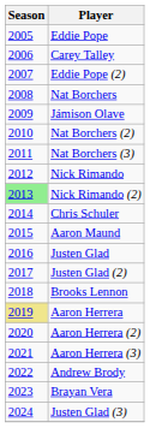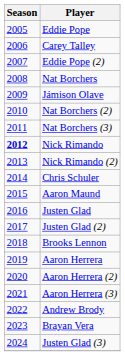 <table class ="wikitable">
 <tr>
 <th>Season</th>
 <th>Player</th>
 </tr>
 <tr>
 <td><a href='#'>2005</a></td>
 <td> <a href='#'>Eddie Pope</a></td>
 </tr>
 <tr>
 <td><a href='#'>2006</a></td>
 <td> <a href='#'>Carey Talley</a></td>
 </tr>
 <tr>
 <td><a href='#'>2007</a></td>
 <td> <a href='#'>Eddie Pope</a> <em>(2)</em></td>
 </tr>
 <tr>
 <td><a href='#'>2008</a></td>
 <td> <a href='#'>Nat Borchers</a></td>
 </tr>
 <tr>
 <td><a href='#'>2009</a></td>
 <td> <a href='#'>Jámison Olave</a></td>
 </tr>
 <tr>
 <td><a href='#'>2010</a></td>
 <td> <a href='#'>Nat Borchers</a> <em>(2)</em></td>
 </tr>
 <tr>
 <td><a href='#'>2011</a></td>
 <td> <a href='#'>Nat Borchers</a> <em>(3)</em></td>
 </tr>
 <tr>
-<td><a href='#'>2012</a></td>
+<td><strong><a href='#'>2012</a></strong></td>
 <td> <a href='#'>Nick Rimando</a></td>
 </tr>
 <tr>
-<td style="background: lightgreen;"><a href='#'>2013</a></td>
+<td><a href='#'>2013</a></td>
 <td> <a href='#'>Nick Rimando</a> <em>(2)</em></td>
 </tr>
 <tr>
 <td><a href='#'>2014</a></td>
 <td> <a href='#'>Chris Schuler</a></td>
 </tr>
 <tr>
 <td><a href='#'>2015</a></td>
 <td> <a href='#'>Aaron Maund</a></td>
 </tr>
 <tr>
 <td><a href='#'>2016</a></td>
 <td> <a href='#'>Justen Glad</a></td>
 </tr>
 <tr>
 <td><a href='#'>2017</a></td>
 <td> <a href='#'>Justen Glad</a> <em>(2)</em></td>
 </tr>
 <tr>
 <td><a href='#'>2018</a></td>
 <td> <a href='#'>Brooks Lennon</a></td>
 </tr>
 <tr>
-<td style="background: khaki;"><a href='#'>2019</a></td>
+<td><a href='#'>2019</a></td>
 <td> <a href='#'>Aaron Herrera</a></td>
 </tr>
 <tr>
 <td><a href='#'>2020</a></td>
 <td> <a href='#'>Aaron Herrera</a> <em>(2)</em></td>
 </tr>
 <tr>
 <td><a href='#'>2021</a></td>
 <td> <a href='#'>Aaron Herrera</a> <em>(3)</em></td>
 </tr>
 <tr>
 <td><a href='#'>2022</a></td>
 <td> <a href='#'>Andrew Brody</a></td>
 </tr>
 <tr>
 <td><a href='#'>2023</a></td>
 <td> <a href='#'>Brayan Vera</a></td>
 </tr>
 <tr>
 <td><a href='#'>2024</a></td>
 <td> <a href='#'>Justen Glad</a> <em>(3)</em></td>
 </tr>
 <tr>
 </tr>
 </table>
